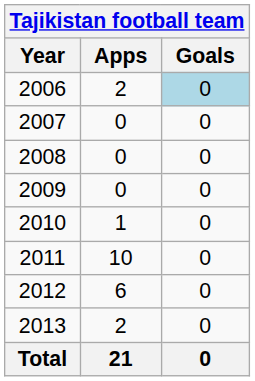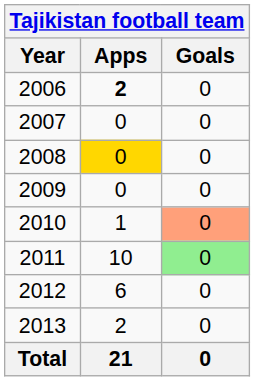 <table class="wikitable" style="text-align:center">
 <tr>
 <th colspan=3><a href='#'>Tajikistan football team</a></th>
 </tr>
 <tr>
 <th>Year</th>
 <th>Apps</th>
 <th>Goals</th>
 </tr>
 <tr>
 <td>2006</td>
-<td>2</td>
-<td style="background: lightblue;">0</td>
+<td><strong>2</strong></td>
+<td>0</td>
 </tr>
 <tr>
 <td>2007</td>
 <td>0</td>
 <td>0</td>
 </tr>
 <tr>
 <td>2008</td>
-<td>0</td>
+<td style="background: gold;">0</td>
 <td>0</td>
 </tr>
 <tr>
 <td>2009</td>
 <td>0</td>
 <td>0</td>
 </tr>
 <tr>
 <td>2010</td>
 <td>1</td>
-<td>0</td>
+<td style="background: lightsalmon;">0</td>
 </tr>
 <tr>
 <td>2011</td>
 <td>10</td>
-<td>0</td>
+<td style="background: lightgreen;">0</td>
 </tr>
 <tr>
 <td>2012</td>
 <td>6</td>
 <td>0</td>
 </tr>
 <tr>
 <td>2013</td>
 <td>2</td>
 <td>0</td>
 </tr>
 <tr>
 <th>Total</th>
 <th>21</th>
 <th>0</th>
 </tr>
 </table>
